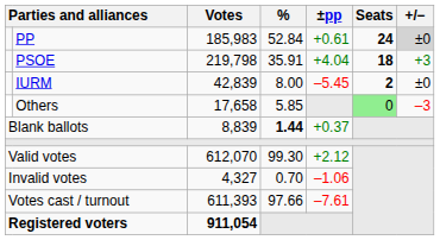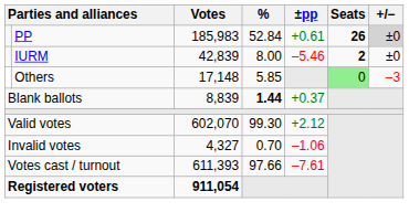 <table class="wikitable" style="text-align:right;">
 <tr>
 <th style="text-align:left;" colspan="2" width="200">Parties and alliances</th>
 <th width="75">Votes</th>
 <th width="45">%</th>
 <th width="45">±<a href='#'>pp</a></th>
 <th width="35">Seats</th>
 <th width="35">+/−</th>
 </tr>
 <tr>
 <td width="1" style="color:inherit;background:"></td>
 <td align="left"><a href='#'>PP</a></td>
 <td>185,983</td>
 <td>52.84</td>
 <td style="color:green;">+0.61</td>
-<td><strong>24</strong></td>
+<td><strong>26</strong></td>
 <td style="background: lightgrey;">±0</td>
-</tr>
-<tr>
-<td style="color:inherit;background:"></td>
-<td align="left"><a href='#'>PSOE</a></td>
-<td>219,798</td>
-<td>35.91</td>
-<td style="color:green;">+4.04</td>
-<td><strong>18</strong></td>
-<td style="color:green;">+3</td>
 </tr>
 <tr>
 <td style="color:inherit;background:"></td>
 <td align="left"><a href='#'>IURM</a></td>
 <td>42,839</td>
 <td>8.00</td>
-<td style="color:red;">–5.45</td>
+<td style="color:red;">–5.46</td>
 <td><strong>2</strong></td>
 <td>±0</td>
 </tr>
 <tr>
 <td bgcolor="white"></td>
 <td align="left">Others</td>
-<td>17,658</td>
+<td>17,148</td>
 <td>5.85</td>
 <td bgcolor="#E9E9E9"></td>
 <td style="background: lightgreen;">0</td>
 <td style="color:red;">–3</td>
 </tr>
 <tr>
 <td align="left" colspan="2">Blank ballots</td>
 <td>8,839</td>
 <td><strong>1.44</strong></td>
 <td style="color:green;">+0.37</td>
 <td bgcolor="#E9E9E9" colspan="2"></td>
 </tr>
 <tr>
 <td colspan="7" bgcolor="#E9E9E9"></td>
 </tr>
 <tr>
 <td align="left" colspan="2">Valid votes</td>
-<td>612,070</td>
+<td>602,070</td>
 <td>99.30</td>
 <td style="color:green;">+2.12</td>
 <td bgcolor="#E9E9E9" colspan="2" rowspan="4"></td>
 </tr>
 <tr>
 <td align="left" colspan="2">Invalid votes</td>
 <td>4,327</td>
 <td>0.70</td>
 <td style="color:red;">–1.06</td>
 </tr>
 <tr>
 <td align="left" colspan="2">Votes cast / turnout</td>
 <td>611,393</td>
 <td>97.66</td>
 <td style="color:red;">–7.61</td>
 </tr>
 <tr style="font-weight:bold;">
 <td align="left" colspan="2">Registered voters</td>
 <td>911,054</td>
 <td bgcolor="#E9E9E9" colspan="2"></td>
 </tr>
 </table>
